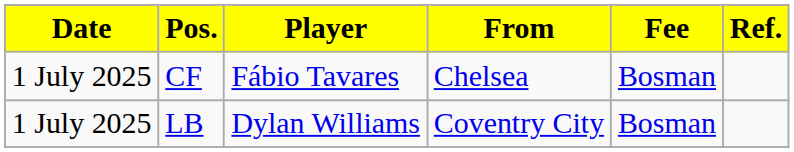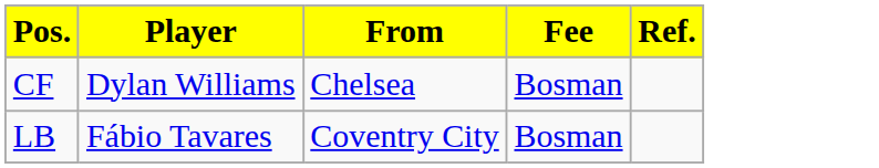 <table class="wikitable plainrowheaders sortable">
 <tr>
-<th style="background:yellow;">Date</th>
 <th style="background:yellow;">Pos.</th>
 <th style="background:yellow;">Player</th>
 <th style="background:yellow;">From</th>
 <th style="background:yellow;">Fee</th>
 <th style="background:yellow;">Ref.</th>
 </tr>
 <tr>
-<td>1 July 2025</td>
 <td><a href='#'>CF</a></td>
-<td> <a href='#'>Fábio Tavares</a></td>
+<td> <a href='#'>Dylan Williams</a></td>
 <td> <a href='#'>Chelsea</a></td>
 <td><a href='#'>Bosman</a></td>
 <td></td>
 </tr>
 <tr>
-<td>1 July 2025</td>
 <td><a href='#'>LB</a></td>
-<td> <a href='#'>Dylan Williams</a></td>
+<td> <a href='#'>Fábio Tavares</a></td>
 <td> <a href='#'>Coventry City</a></td>
 <td><a href='#'>Bosman</a></td>
 <td></td>
 </tr>
 </table>
